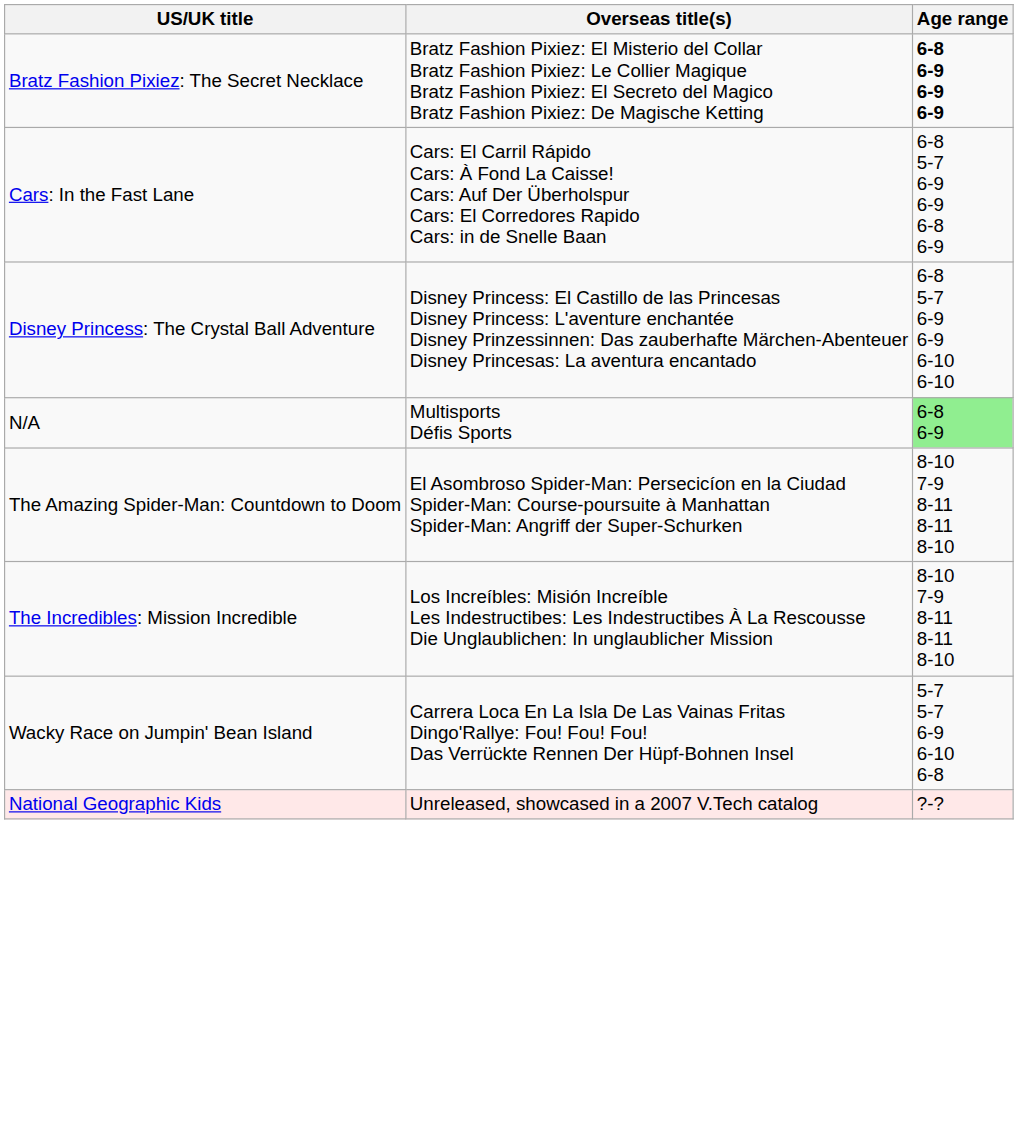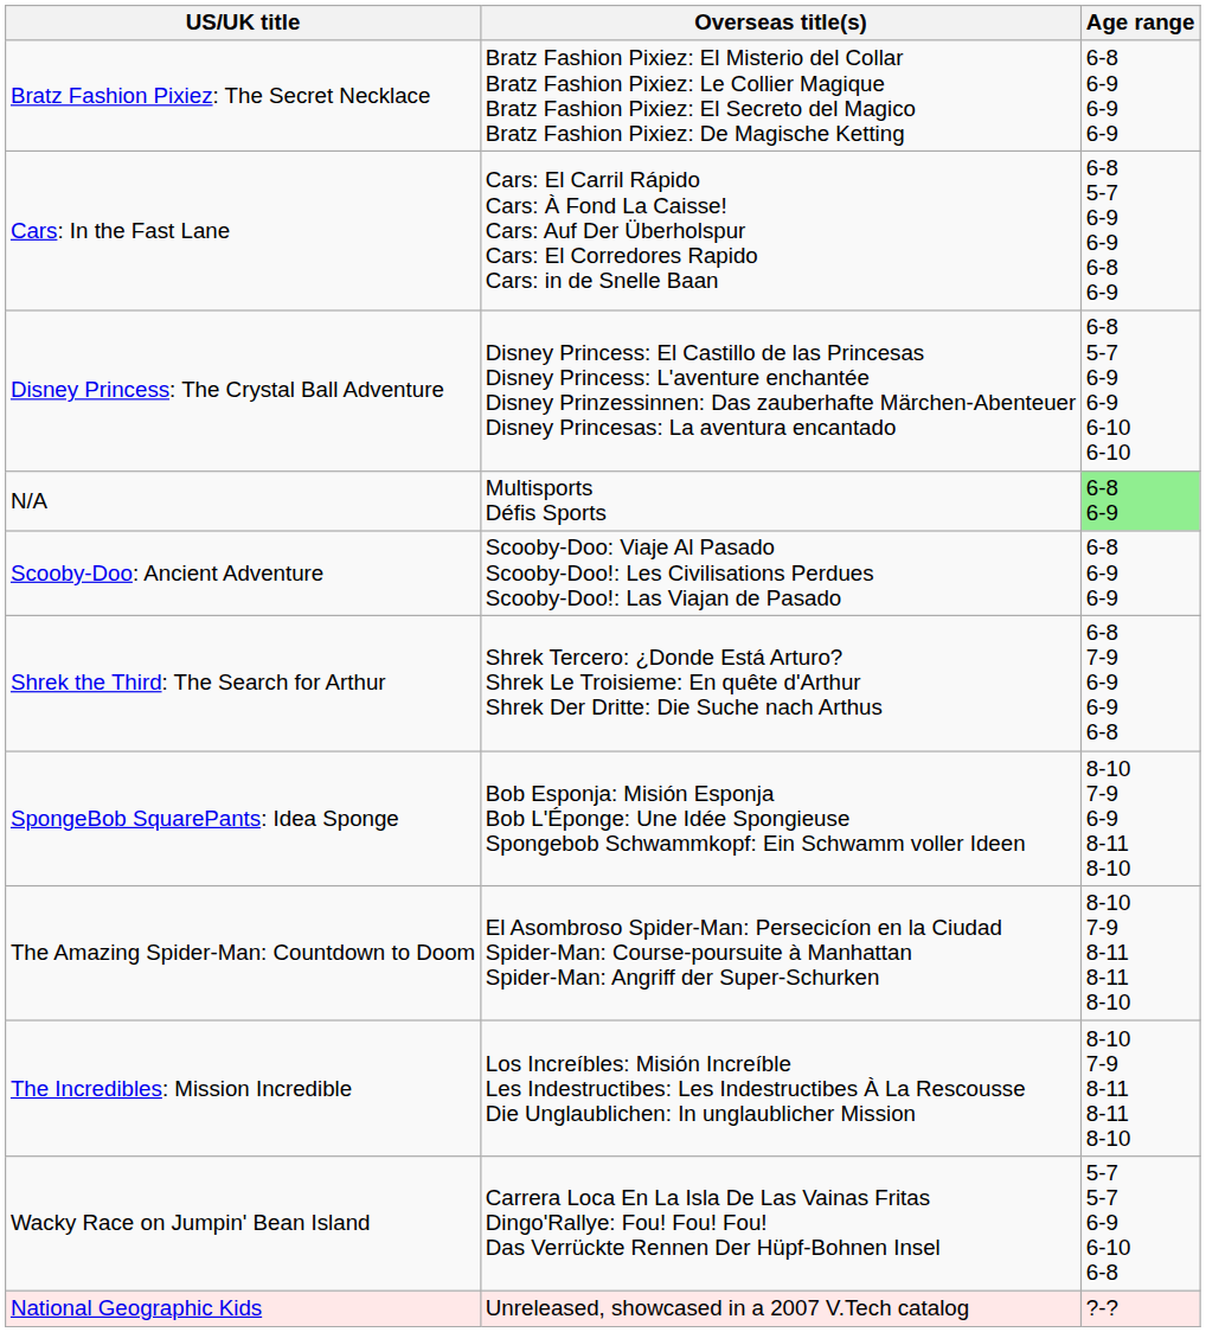 <table class="wikitable sortable" border="1" id="vflash">
 <tr>
 <th scope="col">US/UK title</th>
 <th scope="col">Overseas title(s)</th>
 <th scope="col">Age range</th>
 </tr>
 <tr>
 <td><a href='#'>Bratz Fashion Pixiez</a>: The Secret Necklace</td>
 <td> Bratz Fashion Pixiez: El Misterio del Collar <br> Bratz Fashion Pixiez: Le Collier Magique<br> Bratz Fashion Pixiez: El Secreto del Magico <br> Bratz Fashion Pixiez: De Magische Ketting</td>
-<td><strong> 6-8<br> 6-9<br> 6-9<br> 6-9</strong></td>
+<td> 6-8<br> 6-9<br> 6-9<br> 6-9</td>
 </tr>
 <tr>
 <td><a href='#'>Cars</a>: In the Fast Lane</td>
 <td> Cars: El Carril Rápido <br> Cars: À Fond La Caisse! <br> Cars: Auf Der Überholspur<br>  Cars: El Corredores Rapido <br> Cars: in de Snelle Baan</td>
 <td> 6-8<br> 5-7<br> 6-9<br> 6-9<br> 6-8<br> 6-9</td>
 </tr>
 <tr>
 <td><a href='#'>Disney Princess</a>: The Crystal Ball Adventure</td>
 <td> Disney Princess: El Castillo de las Princesas <br> Disney Princess: L'aventure enchantée <br> Disney Prinzessinnen: Das zauberhafte Märchen-Abenteuer<br> Disney Princesas: La aventura encantado</td>
 <td> 6-8<br> 5-7<br> 6-9<br> 6-9<br> 6-10<br> 6-10</td>
 </tr>
 <tr>
 <td>N/A</td>
 <td> Multisports<br> Défis Sports</td>
 <td style="background: lightgreen;"> 6-8<br> 6-9</td>
+</tr>
+<tr>
+<td><a href='#'>Scooby-Doo</a>: Ancient Adventure</td>
+<td> Scooby-Doo: Viaje Al Pasado <br> Scooby-Doo!: Les Civilisations Perdues <br> Scooby-Doo!: Las Viajan de Pasado</td>
+<td> 6-8<br> 6-9<br> 6-9</td>
+</tr>
+<tr>
+<td><a href='#'>Shrek the Third</a>: The Search for Arthur</td>
+<td> Shrek Tercero: ¿Donde Está Arturo? <br> Shrek Le Troisieme: En quête d'Arthur <br> Shrek Der Dritte: Die Suche nach Arthus</td>
+<td> 6-8<br> 7-9<br> 6-9<br> 6-9<br> 6-8</td>
+</tr>
+<tr>
+<td><a href='#'>SpongeBob SquarePants</a>: Idea Sponge</td>
+<td> Bob Esponja: Misión Esponja <br> Bob L'Éponge: Une Idée Spongieuse <br> Spongebob Schwammkopf: Ein Schwamm voller Ideen</td>
+<td> 8-10<br> 7-9<br> 6-9<br> 8-11<br> 8-10</td>
 </tr>
 <tr>
 <td>The Amazing Spider-Man: Countdown to Doom</td>
 <td> El Asombroso Spider-Man: Persecicíon en la Ciudad <br> Spider-Man: Course-poursuite à Manhattan <br> Spider-Man: Angriff der Super-Schurken</td>
 <td> 8-10<br> 7-9<br> 8-11<br> 8-11<br> 8-10</td>
 </tr>
 <tr>
 <td><a href='#'>The Incredibles</a>: Mission Incredible</td>
 <td> Los Increíbles: Misión Increíble <br> Les Indestructibes: Les Indestructibes À La Rescousse <br> Die Unglaublichen: In unglaublicher Mission</td>
 <td> 8-10<br> 7-9<br> 8-11<br> 8-11<br> 8-10</td>
 </tr>
 <tr>
 <td>Wacky Race on Jumpin' Bean Island</td>
 <td> Carrera Loca En La Isla De Las Vainas Fritas <br> Dingo'Rallye: Fou! Fou! Fou! <br> Das Verrückte Rennen Der Hüpf-Bohnen Insel</td>
 <td> 5-7<br> 5-7<br> 6-9<br> 6-10<br> 6-8</td>
 </tr>
 <tr>
 <td style="background:#FFE8E8;"><a href='#'>National Geographic Kids</a></td>
 <td style="background:#FFE8E8;">Unreleased, showcased in a 2007 V.Tech catalog</td>
 <td style="background:#FFE8E8;">?-?</td>
 </tr>
 </table>
